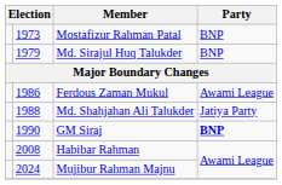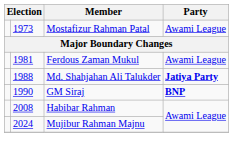 <table class="wikitable">
 <tr>
 <th colspan="2">Election</th>
 <th>Member</th>
 <th>Party</th>
 </tr>
 <tr>
 <td style="background-color:"></td>
 <td><a href='#'>1973</a></td>
 <td><a href='#'>Mostafizur Rahman Patal</a></td>
-<td><a href='#'>BNP</a></td>
-</tr>
-<tr>
-<td style="background-color:"></td>
-<td><a href='#'>1979</a></td>
-<td><a href='#'>Md. Sirajul Huq Talukder</a></td>
-<td><a href='#'>BNP</a></td>
+<td><a href='#'>Awami League</a></td>
 </tr>
 <tr>
 <th colspan="4">Major Boundary Changes</th>
 </tr>
 <tr>
 <td style="background-color:"></td>
-<td><a href='#'>1986</a></td>
+<td><a href='#'>1981</a></td>
 <td><a href='#'>Ferdous Zaman Mukul</a></td>
 <td><a href='#'>Awami League</a></td>
 </tr>
 <tr>
 <td style="background-color:"></td>
 <td><a href='#'>1988</a></td>
 <td><a href='#'>Md. Shahjahan Ali Talukder</a></td>
-<td><a href='#'>Jatiya Party</a></td>
+<td><strong><a href='#'>Jatiya Party</a></strong></td>
 </tr>
 <tr>
 <td style="background-color:"></td>
 <td><a href='#'>1990</a></td>
 <td><a href='#'>GM Siraj</a></td>
 <td><strong><a href='#'>BNP</a></strong></td>
 </tr>
 <tr>
 <td style="background-color:"></td>
 <td><a href='#'>2008</a></td>
 <td><a href='#'>Habibar Rahman</a></td>
 <td rowspan="2"><a href='#'>Awami League</a></td>
 </tr>
 <tr>
 <td style="background-color:"></td>
 <td><a href='#'>2024</a></td>
 <td><a href='#'>Mujibur Rahman Majnu</a></td>
 </tr>
 <tr>
 </tr>
 </table>
